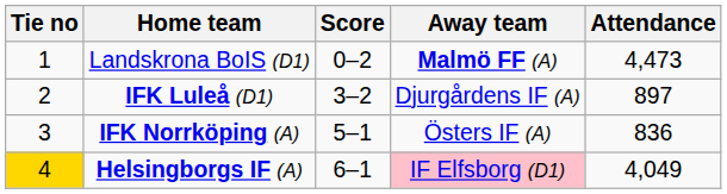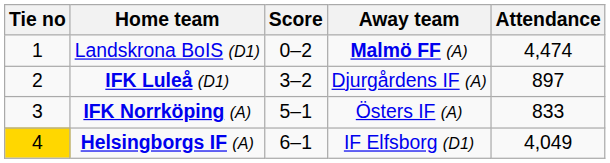 <table class="wikitable" style="text-align:center">
 <tr>
 <th style= style="width:40px;">Tie no</th>
 <th style= style="width:150px;">Home team</th>
 <th style= style="width:60px;">Score</th>
 <th style= style="width:150px;">Away team</th>
 <th style= style="width:30px;">Attendance</th>
 </tr>
 <tr>
 <td>1</td>
 <td><a href='#'>Landskrona BoIS</a> <em><small>(D1)</small></em></td>
 <td>0–2</td>
 <td><strong><a href='#'>Malmö FF</a></strong> <em><small>(A)</small></em></td>
-<td>4,473</td>
+<td>4,474</td>
 </tr>
 <tr>
 <td>2</td>
 <td><strong><a href='#'>IFK Luleå</a></strong> <em><small>(D1)</small></em></td>
 <td>3–2</td>
 <td><a href='#'>Djurgårdens IF</a> <em><small>(A)</small></em></td>
 <td>897</td>
 </tr>
 <tr>
 <td>3</td>
 <td><strong><a href='#'>IFK Norrköping</a></strong> <em><small>(A)</small></em></td>
 <td>5–1</td>
 <td><a href='#'>Östers IF</a> <em><small>(A)</small></em></td>
-<td>836</td>
+<td>833</td>
 </tr>
 <tr>
 <td style="background: gold;">4</td>
 <td><strong><a href='#'>Helsingborgs IF</a></strong> <em><small>(A)</small></em></td>
 <td>6–1</td>
-<td style="background: pink;"><a href='#'>IF Elfsborg</a> <em><small>(D1)</small></em></td>
+<td><a href='#'>IF Elfsborg</a> <em><small>(D1)</small></em></td>
 <td>4,049</td>
 </tr>
 </table>
